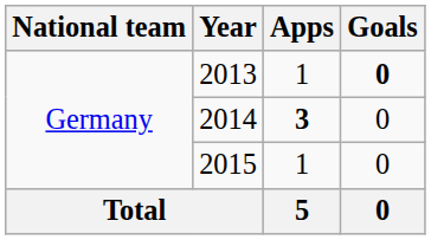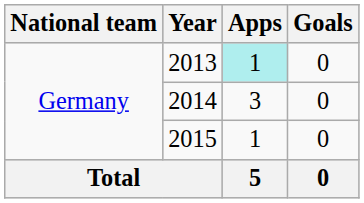 <table class="wikitable" style="text-align:center">
 <tr>
 <th>National team</th>
 <th>Year</th>
 <th>Apps</th>
 <th>Goals</th>
 </tr>
 <tr>
 <td rowspan="3"><a href='#'>Germany</a></td>
 <td>2013</td>
-<td>1</td>
-<td><strong>0</strong></td>
+<td style="background: paleturquoise;">1</td>
+<td>0</td>
 </tr>
 <tr>
 <td>2014</td>
-<td><strong>3</strong></td>
+<td>3</td>
 <td>0</td>
 </tr>
 <tr>
 <td>2015</td>
 <td>1</td>
 <td>0</td>
 </tr>
 <tr>
 <th colspan="2">Total</th>
 <th>5</th>
 <th>0</th>
 </tr>
 </table>
